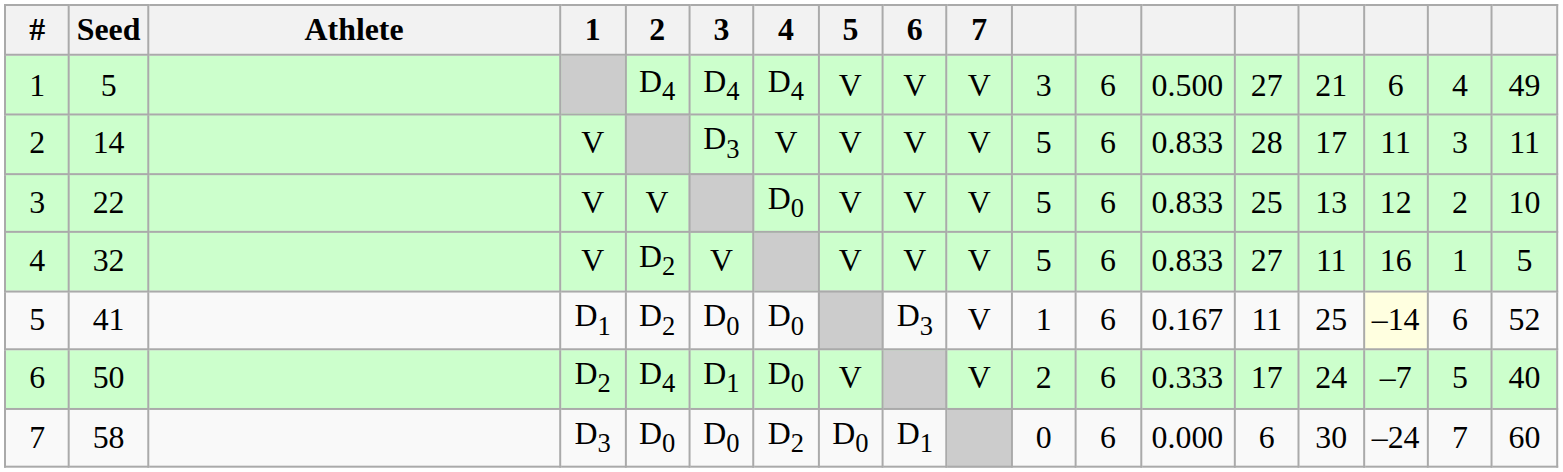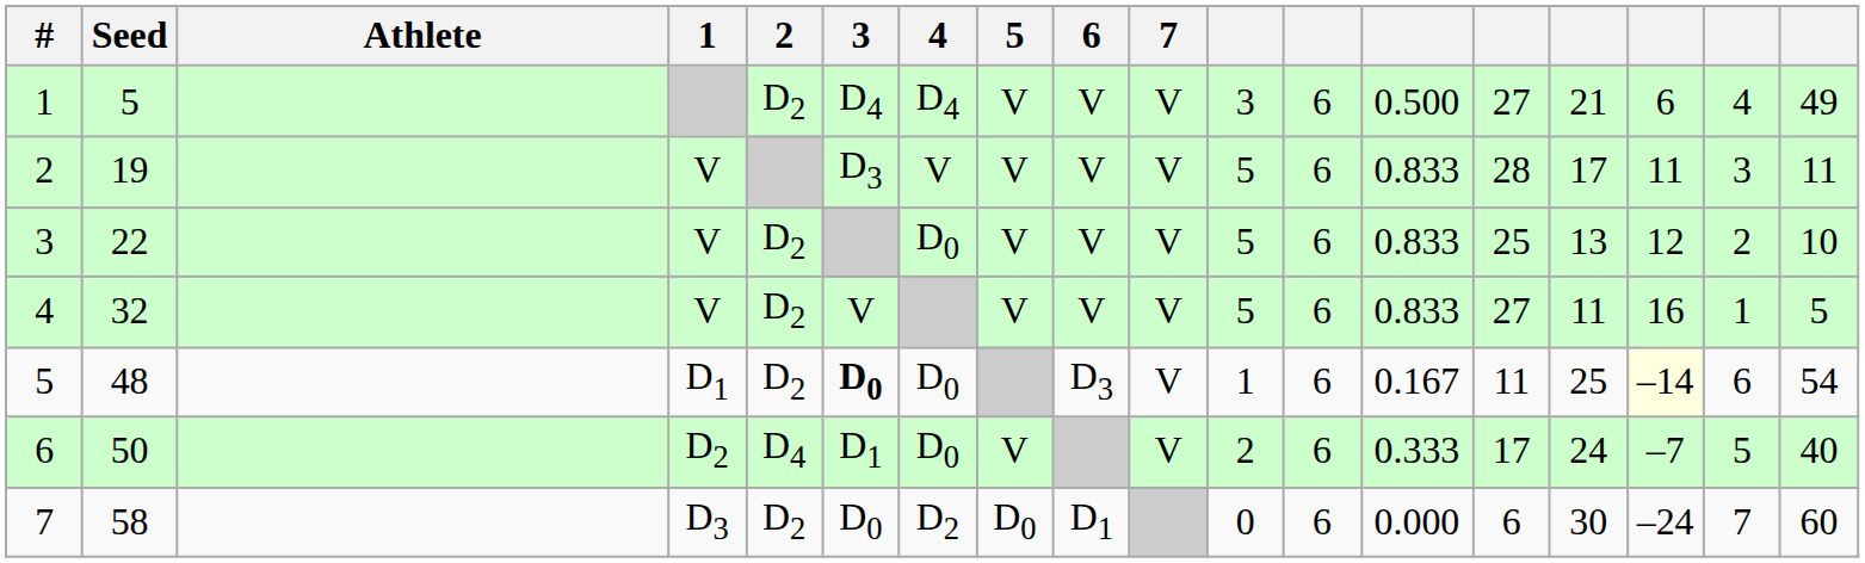 <table class="wikitable" style="text-align:center">
 <tr>
 <th width="25">#</th>
 <th width="25">Seed</th>
 <th width="200">Athlete</th>
 <th width="25">1</th>
 <th width="25">2</th>
 <th width="25">3</th>
 <th width="25">4</th>
 <th width="25">5</th>
 <th width="25">6</th>
 <th width="25">7</th>
 <th width="25"></th>
 <th width="25"></th>
 <th width="40"></th>
 <th width="25"></th>
 <th width="25"></th>
 <th width="25"></th>
 <th width="25"></th>
 <th width="25"></th>
 </tr>
 <tr bgcolor="#ccffcc">
 <td>1</td>
 <td>5</td>
 <td align=left></td>
 <td bgcolor="#cccccc"></td>
-<td>D<sub>4</sub></td>
+<td>D<sub>2</sub></td>
 <td>D<sub>4</sub></td>
 <td>D<sub>4</sub></td>
 <td>V</td>
 <td>V</td>
 <td>V</td>
 <td>3</td>
 <td>6</td>
 <td>0.500</td>
 <td>27</td>
 <td>21</td>
 <td>6</td>
 <td>4</td>
 <td>49</td>
 </tr>
 <tr bgcolor="#ccffcc">
 <td>2</td>
-<td>14</td>
+<td>19</td>
 <td align=left></td>
 <td>V</td>
 <td bgcolor="#cccccc"></td>
 <td>D<sub>3</sub></td>
 <td>V</td>
 <td>V</td>
 <td>V</td>
 <td>V</td>
 <td>5</td>
 <td>6</td>
 <td>0.833</td>
 <td>28</td>
 <td>17</td>
 <td>11</td>
 <td>3</td>
 <td>11</td>
 </tr>
 <tr bgcolor="#ccffcc">
 <td>3</td>
 <td>22</td>
 <td align=left></td>
 <td>V</td>
-<td>V</td>
+<td>D<sub>2</sub></td>
 <td bgcolor="#cccccc"></td>
 <td>D<sub>0</sub></td>
 <td>V</td>
 <td>V</td>
 <td>V</td>
 <td>5</td>
 <td>6</td>
 <td>0.833</td>
 <td>25</td>
 <td>13</td>
 <td>12</td>
 <td>2</td>
 <td>10</td>
 </tr>
 <tr bgcolor="#ccffcc">
 <td>4</td>
 <td>32</td>
 <td align=left></td>
 <td>V</td>
 <td>D<sub>2</sub></td>
 <td>V</td>
 <td bgcolor="#cccccc"></td>
 <td>V</td>
 <td>V</td>
 <td>V</td>
 <td>5</td>
 <td>6</td>
 <td>0.833</td>
 <td>27</td>
 <td>11</td>
 <td>16</td>
 <td>1</td>
 <td>5</td>
 </tr>
 <tr>
 <td>5</td>
-<td>41</td>
+<td>48</td>
 <td align=left></td>
 <td>D<sub>1</sub></td>
 <td>D<sub>2</sub></td>
-<td>D<sub>0</sub></td>
+<td><strong>D<sub>0</sub></strong></td>
 <td>D<sub>0</sub></td>
 <td bgcolor="#cccccc"></td>
 <td>D<sub>3</sub></td>
 <td>V</td>
 <td>1</td>
 <td>6</td>
 <td>0.167</td>
 <td>11</td>
 <td>25</td>
 <td style="background: lightyellow;">–14</td>
 <td>6</td>
-<td>52</td>
+<td>54</td>
 </tr>
 <tr bgcolor="#ccffcc">
 <td>6</td>
 <td>50</td>
 <td align=left></td>
 <td>D<sub>2</sub></td>
 <td>D<sub>4</sub></td>
 <td>D<sub>1</sub></td>
 <td>D<sub>0</sub></td>
 <td>V</td>
 <td bgcolor="#cccccc"></td>
 <td>V</td>
 <td>2</td>
 <td>6</td>
 <td>0.333</td>
 <td>17</td>
 <td>24</td>
 <td>–7</td>
 <td>5</td>
 <td>40</td>
 </tr>
 <tr>
 <td>7</td>
 <td>58</td>
 <td align=left></td>
 <td>D<sub>3</sub></td>
-<td>D<sub>0</sub></td>
+<td>D<sub>2</sub></td>
 <td>D<sub>0</sub></td>
 <td>D<sub>2</sub></td>
 <td>D<sub>0</sub></td>
 <td>D<sub>1</sub></td>
 <td bgcolor="#cccccc"></td>
 <td>0</td>
 <td>6</td>
 <td>0.000</td>
 <td>6</td>
 <td>30</td>
 <td>–24</td>
 <td>7</td>
 <td>60</td>
 </tr>
 </table>
